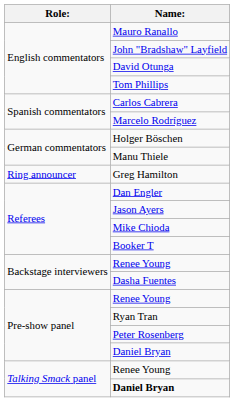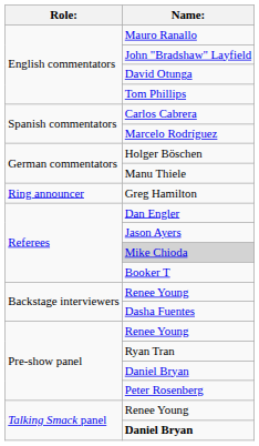 <table class=wikitable style="font-size:90%; margin: 0.5em 0 0.5em 1em; float: right; clear: right;">
 <tr>
 <th>Role:</th>
 <th>Name:</th>
 </tr>
 <tr>
 <td rowspan=4>English commentators</td>
 <td><a href='#'>Mauro Ranallo</a></td>
 </tr>
 <tr>
 <td><a href='#'>John "Bradshaw" Layfield</a></td>
 </tr>
 <tr>
 <td><a href='#'>David Otunga</a></td>
 </tr>
 <tr>
 <td><a href='#'>Tom Phillips</a></td>
 </tr>
 <tr>
 <td rowspan=2>Spanish commentators</td>
 <td><a href='#'>Carlos Cabrera</a></td>
 </tr>
 <tr>
 <td><a href='#'>Marcelo Rodríguez</a></td>
 </tr>
 <tr>
 <td rowspan=2>German commentators</td>
 <td>Holger Böschen</td>
 </tr>
 <tr>
 <td>Manu Thiele</td>
 </tr>
 <tr>
 <td rowspan=1><a href='#'>Ring announcer</a></td>
 <td>Greg Hamilton</td>
 </tr>
 <tr>
 <td rowspan=4><a href='#'>Referees</a></td>
 <td><a href='#'>Dan Engler</a></td>
 </tr>
 <tr>
 <td><a href='#'>Jason Ayers</a></td>
 </tr>
 <tr>
-<td><a href='#'>Mike Chioda</a></td>
+<td style="background: lightgrey;"><a href='#'>Mike Chioda</a></td>
 </tr>
 <tr>
 <td><a href='#'>Booker T</a></td>
 </tr>
 <tr>
 <td rowspan=2>Backstage interviewers</td>
 <td><a href='#'>Renee Young</a></td>
 </tr>
 <tr>
 <td><a href='#'>Dasha Fuentes</a></td>
 </tr>
 <tr>
 <td rowspan=4>Pre-show panel</td>
 <td><a href='#'>Renee Young</a></td>
 </tr>
 <tr>
 <td>Ryan Tran</td>
 </tr>
 <tr>
-<td><a href='#'>Peter Rosenberg</a></td>
+<td><a href='#'>Daniel Bryan</a></td>
 </tr>
 <tr>
-<td><a href='#'>Daniel Bryan</a></td>
+<td><a href='#'>Peter Rosenberg</a></td>
 </tr>
 <tr>
 <td rowspan=2><a href='#'><em>Talking Smack</em> panel</a></td>
 <td>Renee Young</td>
 </tr>
 <tr>
 <td><strong>Daniel Bryan</strong></td>
 </tr>
 </table>
